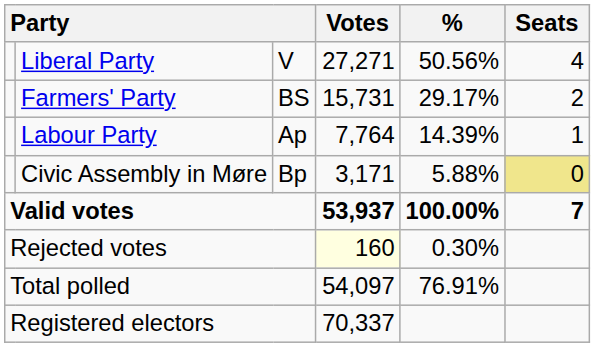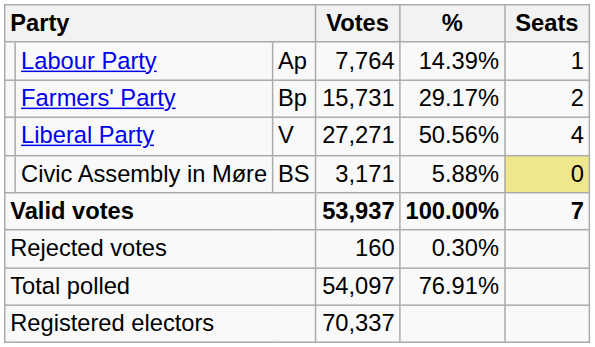 <table class="wikitable" border="1" style="text-align:right;">
 <tr>
 <th style="text-align:left;" colspan=3>Party</th>
 <th align=center width="50">Votes</th>
 <th align=center width="50">%</th>
 <th align=center width="50">Seats</th>
+</tr>
+<tr>
+<td style="color:inherit;background:"></td>
+<td align=left><a href='#'>Labour Party</a></td>
+<td align=left>Ap</td>
+<td>7,764</td>
+<td>14.39%</td>
+<td>1</td>
+</tr>
+<tr>
+<td style="color:inherit;background:"></td>
+<td align=left><a href='#'>Farmers' Party</a></td>
+<td align=left>Bp</td>
+<td>15,731</td>
+<td>29.17%</td>
+<td>2</td>
 </tr>
 <tr>
 <td style="color:inherit;background:"></td>
 <td align=left><a href='#'>Liberal Party</a></td>
 <td align=left>V</td>
 <td>27,271</td>
 <td>50.56%</td>
 <td>4</td>
 </tr>
 <tr>
-<td style="color:inherit;background:"></td>
-<td align=left><a href='#'>Farmers' Party</a></td>
-<td align=left>BS</td>
-<td>15,731</td>
-<td>29.17%</td>
-<td>2</td>
-</tr>
-<tr>
-<td style="color:inherit;background:"></td>
-<td align=left><a href='#'>Labour Party</a></td>
-<td align=left>Ap</td>
-<td>7,764</td>
-<td>14.39%</td>
-<td>1</td>
-</tr>
-<tr>
 <td></td>
 <td align=left>Civic Assembly in Møre</td>
-<td align=left>Bp</td>
+<td align=left>BS</td>
 <td>3,171</td>
 <td>5.88%</td>
 <td style="background: khaki;">0</td>
 </tr>
 <tr style="font-weight:bold">
 <td align=left colspan=3>Valid votes</td>
 <td>53,937</td>
 <td>100.00%</td>
 <td>7</td>
 </tr>
 <tr>
 <td align=left colspan=3>Rejected votes</td>
-<td style="background: lightyellow;">160</td>
+<td>160</td>
 <td>0.30%</td>
 <td></td>
 </tr>
 <tr>
 <td align=left colspan=3>Total polled</td>
 <td>54,097</td>
 <td>76.91%</td>
 <td></td>
 </tr>
 <tr>
 <td align=left colspan=3>Registered electors</td>
 <td>70,337</td>
 <td></td>
 <td></td>
 </tr>
 </table>
